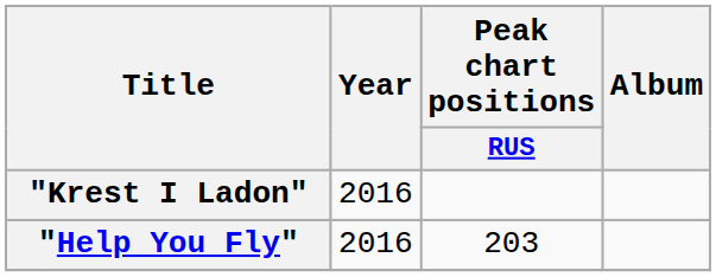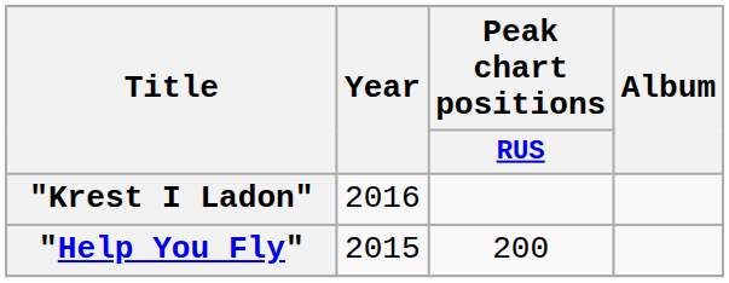 <table class="wikitable plainrowheaders" style="text-align:center;">
 <tr>
 <th scope="col" rowspan="2" style="width:10em;">Title</th>
 <th scope="col" rowspan="2" style="width:1em;">Year</th>
 <th scope="col" colspan="1">Peak chart positions</th>
 <th scope="col" rowspan="2">Album</th>
 </tr>
 <tr>
 <th scope="col" style="width:3em;font-size:85%;"><a href='#'>RUS</a></th>
 </tr>
 <tr>
 <th scope="row">"Krest I Ladon"</th>
 <td>2016</td>
 <td></td>
 <td></td>
 </tr>
 <tr>
 <th scope="row">"<a href='#'>Help You Fly</a>"</th>
-<td>2016</td>
-<td>203</td>
+<td>2015</td>
+<td>200</td>
 <td></td>
 </tr>
 <tr>
 </tr>
 </table>
